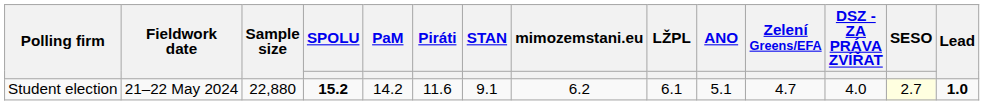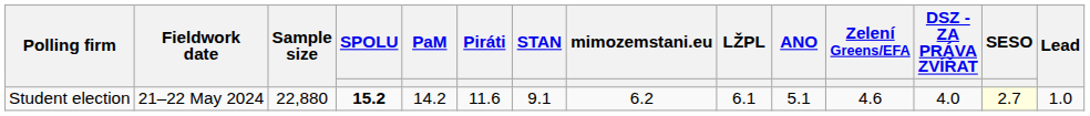 <table class="wikitable mw-collapsible sortable" style="text-align:center;font-size:90%;line-height:14px;">
 <tr>
 <th rowspan="2">Polling firm</th>
 <th rowspan="2">Fieldwork<br>date</th>
 <th rowspan="2">Sample<br>size</th>
 <th class="unsortable" style="width:40px;"><a href='#'>SPOLU</a><br></th>
 <th class="unsortable" style="width:40px;"><a href='#'>PaM</a><br></th>
 <th class="unsortable" style="width:40px;"><a href='#'>Piráti</a><br></th>
 <th class="unsortable" style="width:40px;"><a href='#'>STAN</a><br></th>
 <th class="unsortable" style="width:40px;">mimozemstani.eu<br></th>
 <th class="unsortable" style="width:40px;">LŽPL<br></th>
 <th class="unsortable" style="width:40px;"><a href='#'>ANO</a><br></th>
 <th><a href='#'><span>Zelení</span></a><br><small><a href='#'>Greens/EFA</a></small></th>
 <th class="unsortable" style="width:40px;"><a href='#'>DSZ - ZA PRÁVA ZVÍŘAT</a><br></th>
 <th class="unsortable" style="width:40px;">SESO<br></th>
 <th rowspan="2" style="width:25px;">Lead</th>
 </tr>
 <tr>
 <th class="unsortable" style="color:inherit;background:"></th>
 <th class="unsortable" style="color:inherit;background:"></th>
 <th class="unsortable" style="color:inherit;background:"></th>
 <th class="unsortable" style="color:inherit;background:"></th>
 <th style="color:inherit;background:"></th>
 <th style="color:inherit;background:"></th>
 <th class="unsortable" style="color:inherit;background:"></th>
 <th style="color:inherit;background:"></th>
 <th style="color:inherit;background:"></th>
 <th style="color:inherit;background:"></th>
 </tr>
 <tr>
 <td>Student election</td>
 <td>21–22 May 2024</td>
 <td>22,880</td>
 <td><strong>15.2</strong></td>
 <td>14.2</td>
 <td>11.6</td>
 <td>9.1</td>
 <td>6.2</td>
 <td>6.1</td>
 <td>5.1</td>
-<td>4.7</td>
+<td>4.6</td>
 <td>4.0</td>
 <td style="background: lightyellow;">2.7</td>
-<td style="background:"><strong>1.0</strong></td>
+<td style="background:">1.0</td>
 </tr>
 </table>
